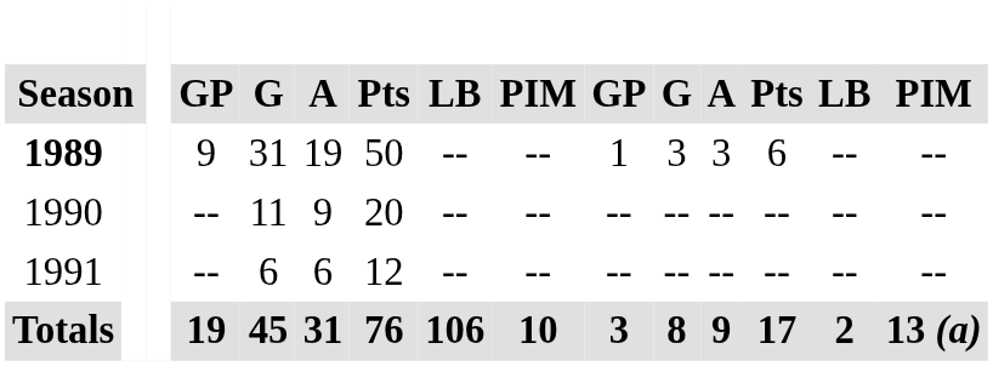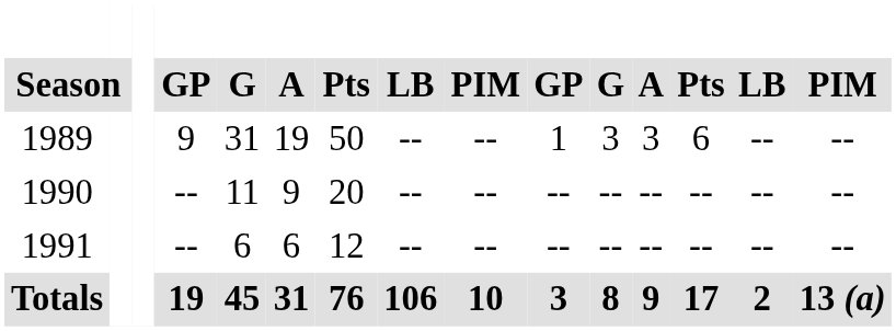 <table BORDER="0" CELLPADDING="3" CELLSPACING="0">
 <tr ALIGN="center" bgcolor="#e0e0e0">
 <th colspan="1" bgcolor="#ffffff"> </th>
 <th rowspan="99" bgcolor="#ffffff"> </th>
 <th rowspan="99" bgcolor="#ffffff"> </th>
 </tr>
 <tr ALIGN="center" bgcolor="#e0e0e0">
 <th colspan="2">Season</th>
 <th>GP</th>
 <th>G</th>
 <th>A</th>
 <th>Pts</th>
 <th>LB</th>
 <th>PIM</th>
 <th>GP</th>
 <th>G</th>
 <th>A</th>
 <th>Pts</th>
 <th>LB</th>
 <th>PIM</th>
 </tr>
 <tr ALIGN="center">
-<td><strong>1989</strong></td>
+<td>1989</td>
 <td>9</td>
 <td>31</td>
 <td>19</td>
 <td>50</td>
 <td>--</td>
 <td>--</td>
 <td>1</td>
 <td>3</td>
 <td>3</td>
 <td>6</td>
 <td>--</td>
 <td>--</td>
 </tr>
 <tr ALIGN="center">
 <td>1990</td>
 <td>--</td>
 <td>11</td>
 <td>9</td>
 <td>20</td>
 <td>--</td>
 <td>--</td>
 <td>--</td>
 <td>--</td>
 <td>--</td>
 <td>--</td>
 <td>--</td>
 <td>--</td>
 </tr>
 <tr ALIGN="center">
 <td>1991</td>
 <td>--</td>
 <td>6</td>
 <td>6</td>
 <td>12</td>
 <td>--</td>
 <td>--</td>
 <td>--</td>
 <td>--</td>
 <td>--</td>
 <td>--</td>
 <td>--</td>
 <td>--</td>
 </tr>
 <tr ALIGN="center" bgcolor="#e0e0e0">
 <th colspan="1.5">Totals</th>
 <th>19</th>
 <th>45</th>
 <th>31</th>
 <th>76</th>
 <th>106</th>
 <th>10</th>
 <th>3</th>
 <th>8</th>
 <th>9</th>
 <th>17</th>
 <th>2</th>
 <th>13 <em>(a)</em></th>
 </tr>
 </table>
